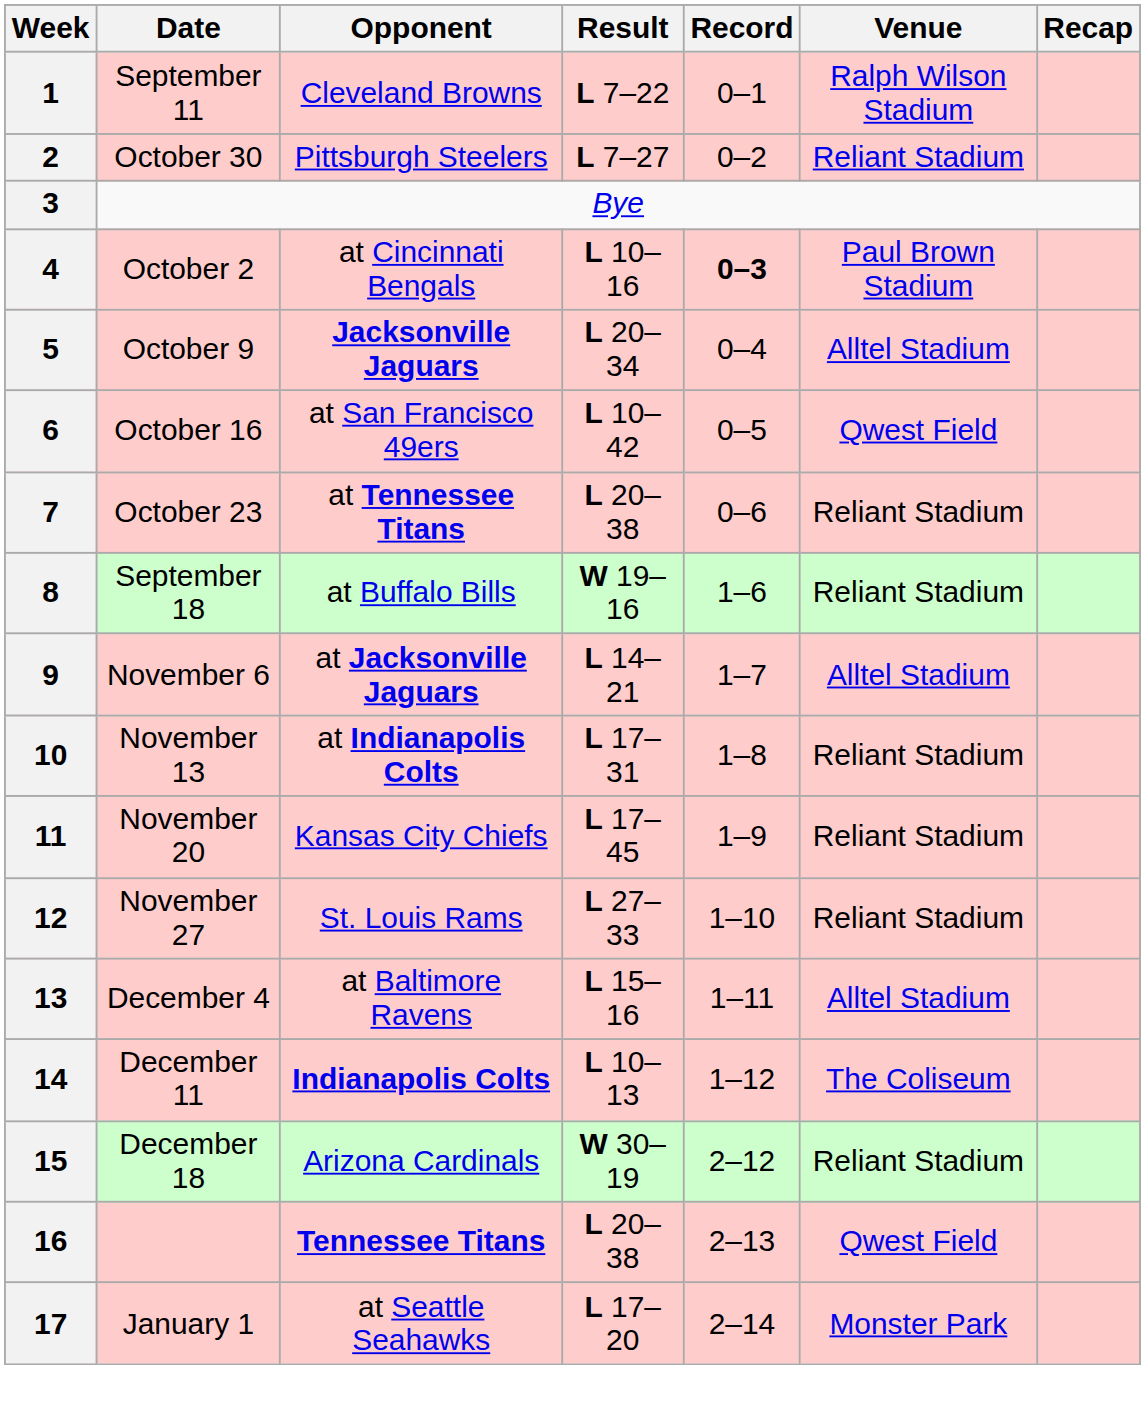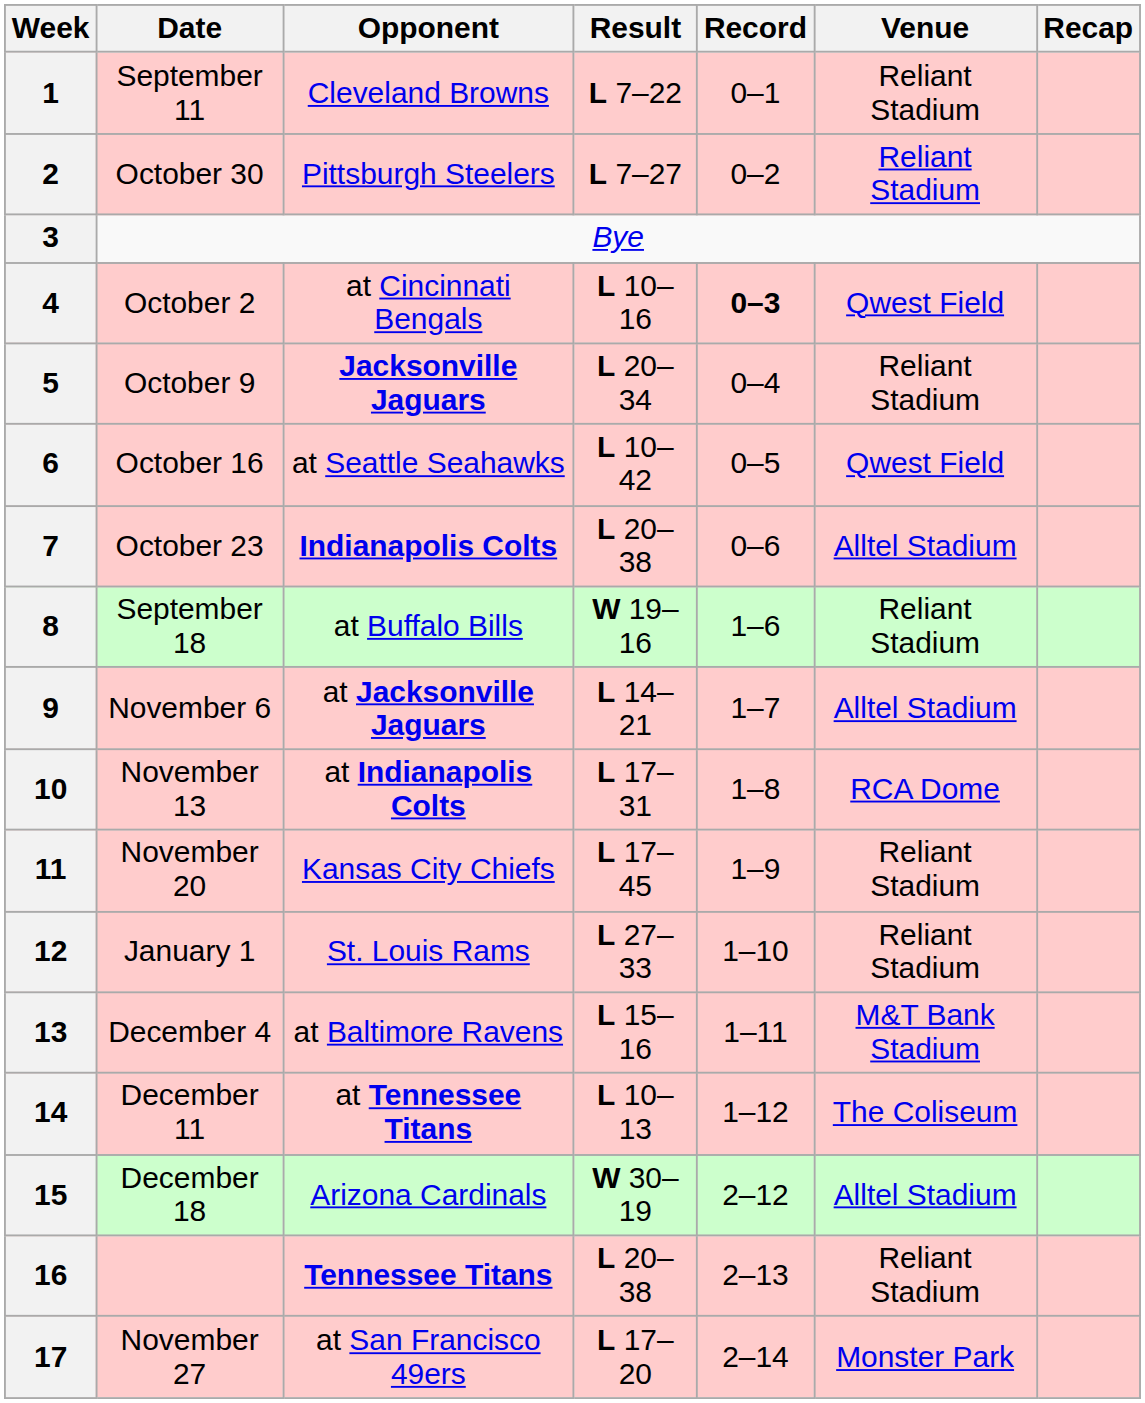 <table class="wikitable" style="text-align:center">
 <tr>
 <th>Week</th>
 <th>Date</th>
 <th>Opponent</th>
 <th>Result</th>
 <th>Record</th>
 <th>Venue</th>
 <th>Recap</th>
 </tr>
 <tr style="background:#fcc">
 <th>1</th>
 <td>September 11</td>
 <td><a href='#'>Cleveland Browns</a></td>
 <td><strong>L</strong> 7–22</td>
 <td>0–1</td>
-<td><a href='#'>Ralph Wilson Stadium</a></td>
+<td>Reliant Stadium</td>
 <td></td>
 </tr>
 <tr style="background:#fcc">
 <th>2</th>
 <td>October 30</td>
 <td><a href='#'>Pittsburgh Steelers</a></td>
 <td><strong>L</strong> 7–27</td>
 <td>0–2</td>
 <td><a href='#'>Reliant Stadium</a></td>
 <td></td>
 </tr>
 <tr>
 <th>3</th>
 <td colspan="6"><em><a href='#'>Bye</a></em></td>
 </tr>
 <tr style="background:#fcc">
 <th>4</th>
 <td>October 2</td>
 <td>at <a href='#'>Cincinnati Bengals</a></td>
 <td><strong>L</strong> 10–16</td>
 <td><strong>0–3</strong></td>
-<td><a href='#'>Paul Brown Stadium</a></td>
+<td><a href='#'>Qwest Field</a></td>
 <td></td>
 </tr>
 <tr style="background:#fcc">
 <th>5</th>
 <td>October 9</td>
 <td><strong><a href='#'>Jacksonville Jaguars</a></strong></td>
 <td><strong>L</strong> 20–34</td>
 <td>0–4</td>
-<td><a href='#'>Alltel Stadium</a></td>
+<td>Reliant Stadium</td>
 <td></td>
 </tr>
 <tr style="background:#fcc">
 <th>6</th>
 <td>October 16</td>
-<td>at <a href='#'>San Francisco 49ers</a></td>
+<td>at <a href='#'>Seattle Seahawks</a></td>
 <td><strong>L</strong> 10–42</td>
 <td>0–5</td>
 <td><a href='#'>Qwest Field</a></td>
 <td></td>
 </tr>
 <tr style="background:#fcc">
 <th>7</th>
 <td>October 23</td>
-<td>at <strong><a href='#'>Tennessee Titans</a></strong></td>
+<td><strong><a href='#'>Indianapolis Colts</a></strong></td>
 <td><strong>L</strong> 20–38</td>
 <td>0–6</td>
-<td>Reliant Stadium</td>
+<td><a href='#'>Alltel Stadium</a></td>
 <td></td>
 </tr>
 <tr style="background:#cfc">
 <th>8</th>
 <td>September 18</td>
 <td>at <a href='#'>Buffalo Bills</a></td>
 <td><strong>W</strong> 19–16</td>
 <td>1–6</td>
 <td>Reliant Stadium</td>
 <td></td>
 </tr>
 <tr style="background:#fcc">
 <th>9</th>
 <td>November 6</td>
 <td>at <strong><a href='#'>Jacksonville Jaguars</a></strong></td>
 <td><strong>L</strong> 14–21</td>
 <td>1–7</td>
 <td><a href='#'>Alltel Stadium</a></td>
 <td></td>
 </tr>
 <tr style="background:#fcc">
 <th>10</th>
 <td>November 13</td>
 <td>at <strong><a href='#'>Indianapolis Colts</a></strong></td>
 <td><strong>L</strong> 17–31</td>
 <td>1–8</td>
-<td>Reliant Stadium</td>
+<td><a href='#'>RCA Dome</a></td>
 <td></td>
 </tr>
 <tr style="background:#fcc">
 <th>11</th>
 <td>November 20</td>
 <td><a href='#'>Kansas City Chiefs</a></td>
 <td><strong>L</strong> 17–45</td>
 <td>1–9</td>
 <td>Reliant Stadium</td>
 <td></td>
 </tr>
 <tr style="background:#fcc">
 <th>12</th>
-<td>November 27</td>
+<td>January 1</td>
 <td><a href='#'>St. Louis Rams</a></td>
 <td><strong>L</strong> 27–33 </td>
 <td>1–10</td>
 <td>Reliant Stadium</td>
 <td></td>
 </tr>
 <tr style="background:#fcc">
 <th>13</th>
 <td>December 4</td>
 <td>at <a href='#'>Baltimore Ravens</a></td>
 <td><strong>L</strong> 15–16</td>
 <td>1–11</td>
-<td><a href='#'>Alltel Stadium</a></td>
+<td><a href='#'>M&T Bank Stadium</a></td>
 <td></td>
 </tr>
 <tr style="background:#fcc">
 <th>14</th>
 <td>December 11</td>
-<td><strong><a href='#'>Indianapolis Colts</a></strong></td>
+<td>at <strong><a href='#'>Tennessee Titans</a></strong></td>
 <td><strong>L</strong> 10–13</td>
 <td>1–12</td>
 <td><a href='#'>The Coliseum</a></td>
 <td></td>
 </tr>
 <tr style="background:#cfc">
 <th>15</th>
 <td>December 18</td>
 <td><a href='#'>Arizona Cardinals</a></td>
 <td><strong>W</strong> 30–19</td>
 <td>2–12</td>
-<td>Reliant Stadium</td>
+<td><a href='#'>Alltel Stadium</a></td>
 <td></td>
 </tr>
 <tr style="background:#fcc">
 <th>16</th>
 <td></td>
 <td><strong><a href='#'>Tennessee Titans</a></strong></td>
 <td><strong>L</strong> 20–38</td>
 <td>2–13</td>
-<td><a href='#'>Qwest Field</a></td>
+<td>Reliant Stadium</td>
 <td></td>
 </tr>
 <tr style="background:#fcc">
 <th>17</th>
-<td>January 1</td>
-<td>at <a href='#'>Seattle Seahawks</a></td>
+<td>November 27</td>
+<td>at <a href='#'>San Francisco 49ers</a></td>
 <td><strong>L</strong> 17–20 </td>
 <td>2–14</td>
 <td><a href='#'>Monster Park</a></td>
 <td></td>
 </tr>
 </table>
